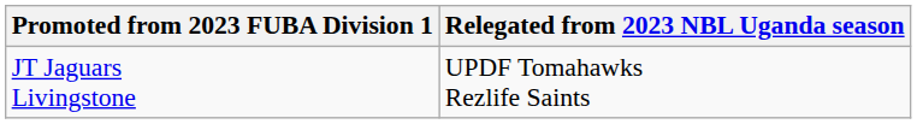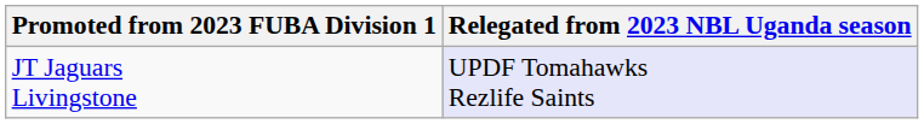 <table class="wikitable">
 <tr>
 <th> Promoted from 2023 FUBA Division 1</th>
 <th> Relegated from <a href='#'>2023 NBL Uganda season</a></th>
 </tr>
 <tr>
 <td><a href='#'>JT Jaguars</a><br><a href='#'>Livingstone</a></td>
-<td>UPDF Tomahawks <br>Rezlife Saints</td>
+<td style="background: lavender;">UPDF Tomahawks <br>Rezlife Saints</td>
 </tr>
 </table>
